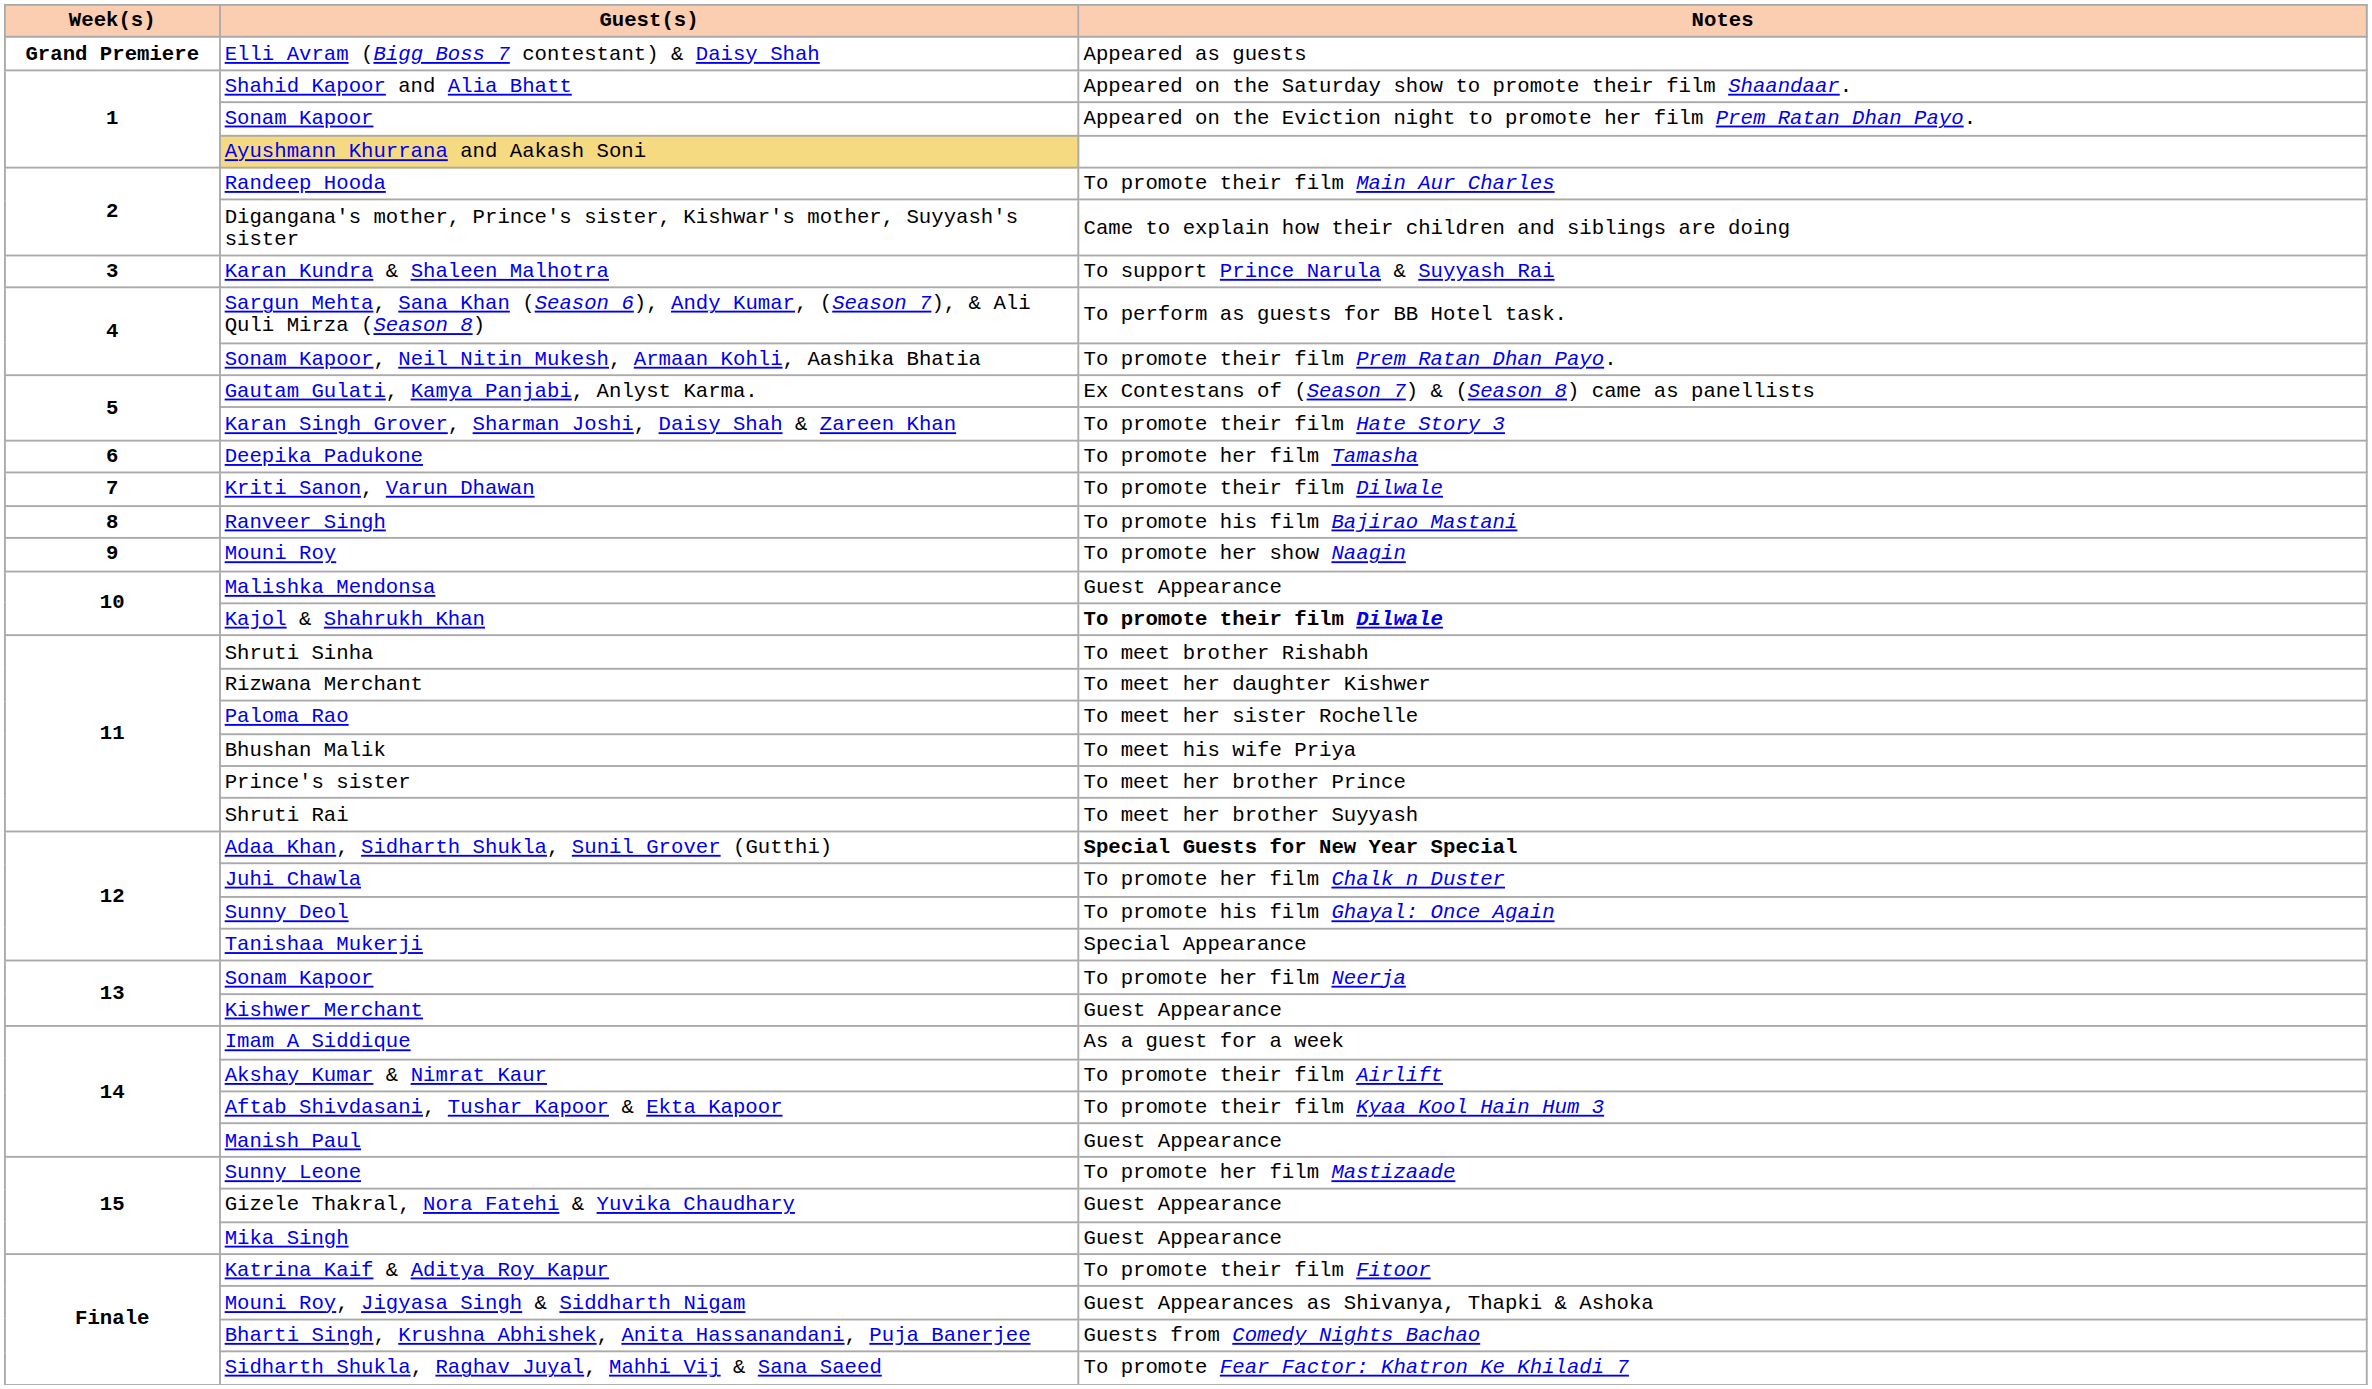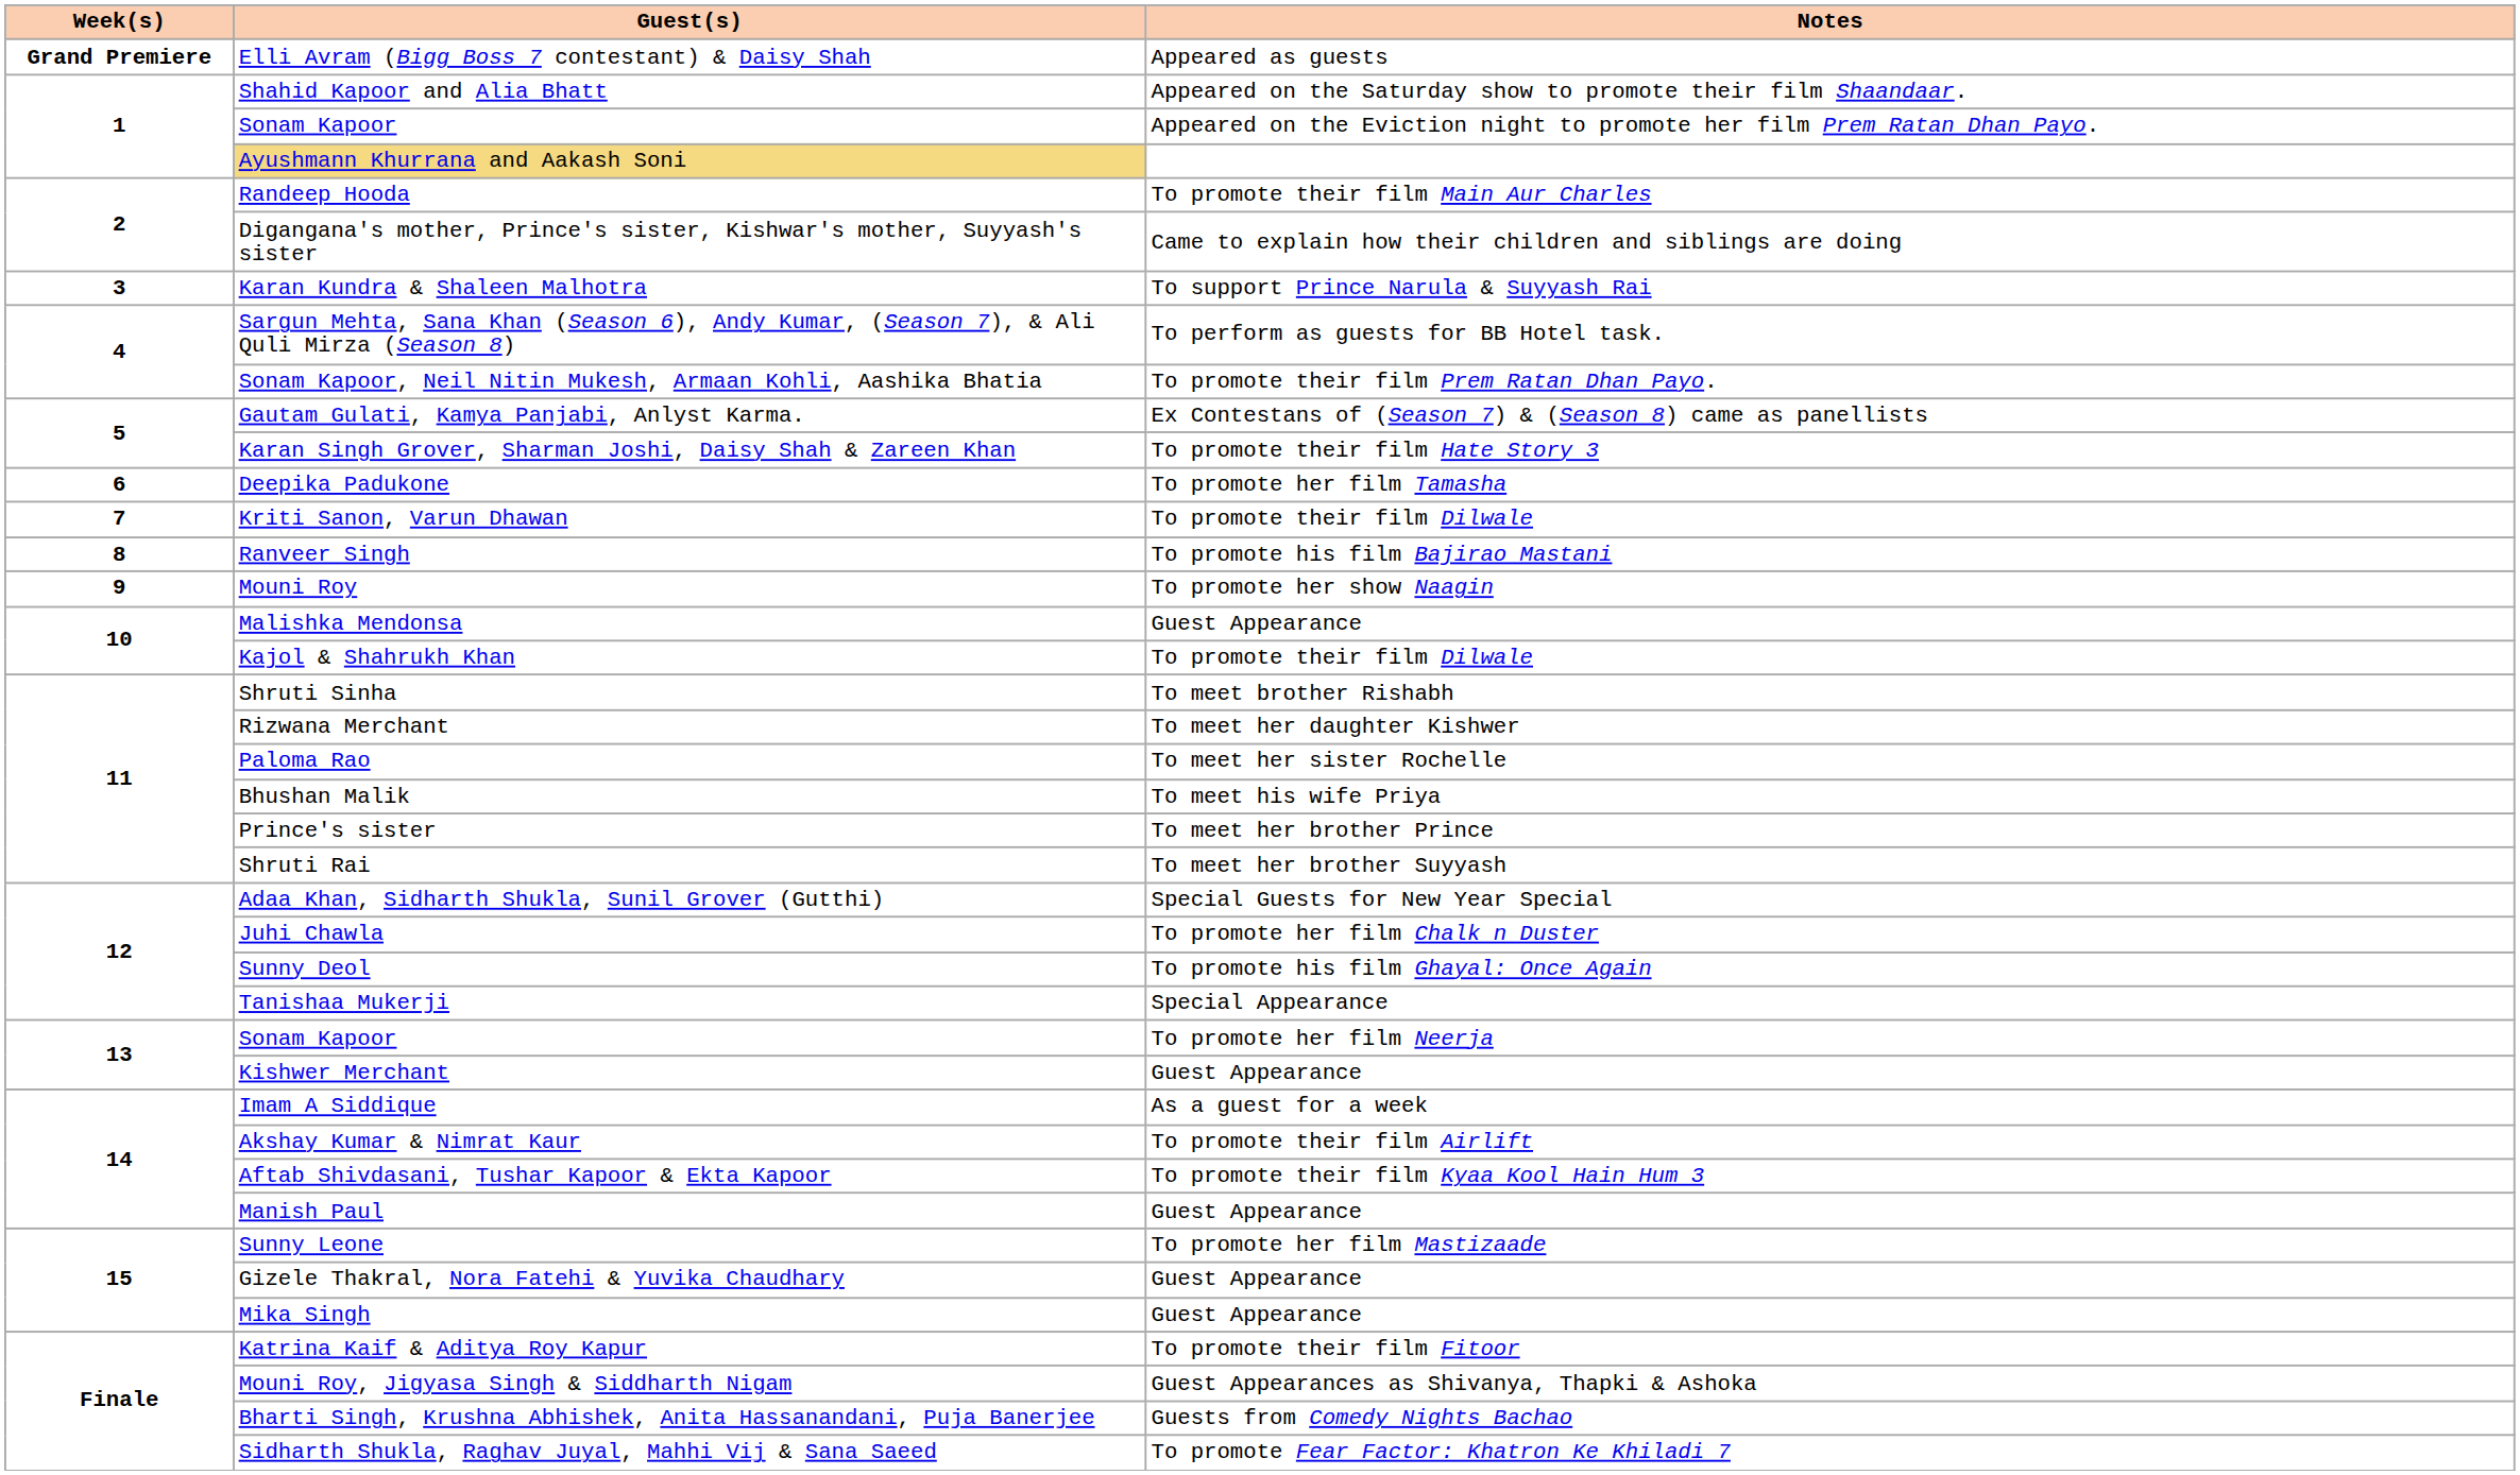 <table class="wikitable" style="margin: 1em 1em 1em 0;font-size:85%; background: white; width:100%;">
 <tr>
 <th style="background:#FBCEB1; color:#000; width:5%;">Week(s)</th>
 <th style="background:#FBCEB1; color:#000; width:20%;">Guest(s)</th>
 <th style="background:#FBCEB1; color:#000; width:30%;">Notes</th>
 </tr>
 <tr>
 <td align=center><strong>Grand Premiere</strong></td>
 <td><a href='#'>Elli Avram</a> (<em><a href='#'>Bigg Boss 7</a></em> contestant) & <a href='#'>Daisy Shah</a></td>
 <td>Appeared as guests</td>
 </tr>
 <tr>
 <td style="text-align:center;" rowspan="3"><strong>1</strong></td>
 <td><a href='#'>Shahid Kapoor</a> and <a href='#'>Alia Bhatt</a></td>
 <td>Appeared on the Saturday show to promote their film <em><a href='#'>Shaandaar</a></em>.</td>
 </tr>
 <tr>
 <td><a href='#'>Sonam Kapoor</a></td>
 <td>Appeared on the Eviction night to promote her film <em><a href='#'>Prem Ratan Dhan Payo</a></em>.</td>
 </tr>
 <tr>
 <td style="background:#F5DA81;"><a href='#'>Ayushmann Khurrana</a> and Aakash Soni</td>
 <td></td>
 </tr>
 <tr>
 <td style="text-align:center;" rowspan="2"><strong>2</strong></td>
 <td><a href='#'>Randeep Hooda</a></td>
 <td>To promote their film <em><a href='#'>Main Aur Charles</a></em></td>
 </tr>
 <tr>
 <td>Digangana's mother, Prince's sister, Kishwar's mother, Suyyash's sister</td>
 <td>Came to explain how their children and siblings are doing</td>
 </tr>
 <tr>
 <td style="text-align:center;"><strong>3</strong></td>
 <td><a href='#'>Karan Kundra</a> & <a href='#'>Shaleen Malhotra</a></td>
 <td>To support <a href='#'>Prince Narula</a> & <a href='#'>Suyyash Rai</a></td>
 </tr>
 <tr>
 <td style="text-align:center;" rowspan="2"><strong>4</strong></td>
 <td><a href='#'>Sargun Mehta</a>, <a href='#'>Sana Khan</a> (<em><a href='#'>Season 6</a></em>), <a href='#'>Andy Kumar</a>, (<em><a href='#'>Season 7</a></em>), & Ali Quli Mirza (<em><a href='#'>Season 8</a></em>)</td>
 <td>To perform as guests for BB Hotel task.</td>
 </tr>
 <tr>
 <td><a href='#'>Sonam Kapoor</a>, <a href='#'>Neil Nitin Mukesh</a>, <a href='#'>Armaan Kohli</a>, Aashika Bhatia</td>
 <td>To promote their film <em><a href='#'>Prem Ratan Dhan Payo</a></em>.</td>
 </tr>
 <tr>
 <td style="text-align:center;" rowspan="2"><strong>5</strong></td>
 <td><a href='#'>Gautam Gulati</a>, <a href='#'>Kamya Panjabi</a>, Anlyst Karma.</td>
 <td>Ex Contestans of (<em><a href='#'>Season 7</a></em>) & (<em><a href='#'>Season 8</a></em>) came as panellists</td>
 </tr>
 <tr>
 <td><a href='#'>Karan Singh Grover</a>, <a href='#'>Sharman Joshi</a>, <a href='#'>Daisy Shah</a> & <a href='#'>Zareen Khan</a></td>
 <td>To promote their film <em><a href='#'>Hate Story 3</a></em></td>
 </tr>
 <tr>
 <td style="text-align:center;"><strong>6</strong></td>
 <td><a href='#'>Deepika Padukone</a></td>
 <td>To promote her film <em><a href='#'>Tamasha</a></em></td>
 </tr>
 <tr>
 <td style="text-align:center;"><strong>7</strong></td>
 <td><a href='#'>Kriti Sanon</a>, <a href='#'>Varun Dhawan</a></td>
 <td>To promote their film <em><a href='#'>Dilwale</a></em></td>
 </tr>
 <tr>
 <td style="text-align:center;"><strong>8</strong></td>
 <td><a href='#'>Ranveer Singh</a></td>
 <td>To promote his film <em><a href='#'>Bajirao Mastani</a></em></td>
 </tr>
 <tr>
 <td style="text-align:center;"><strong>9</strong></td>
 <td><a href='#'>Mouni Roy</a></td>
 <td>To promote her show <em><a href='#'>Naagin</a></em></td>
 </tr>
 <tr>
 <td style="text-align:center;" rowspan="2"><strong>10</strong></td>
 <td><a href='#'>Malishka Mendonsa</a></td>
 <td>Guest Appearance</td>
 </tr>
 <tr>
 <td><a href='#'>Kajol</a> & <a href='#'>Shahrukh Khan</a></td>
-<td><strong>To promote their film <em><a href='#'>Dilwale</a></em></strong></td>
+<td>To promote their film <em><a href='#'>Dilwale</a></em></td>
 </tr>
 <tr>
 <td style="text-align:center;" rowspan="6"><strong>11</strong></td>
 <td>Shruti Sinha</td>
 <td>To meet brother Rishabh</td>
 </tr>
 <tr>
 <td>Rizwana Merchant</td>
 <td>To meet her daughter Kishwer</td>
 </tr>
 <tr>
 <td><a href='#'>Paloma Rao</a></td>
 <td>To meet her sister Rochelle</td>
 </tr>
 <tr>
 <td>Bhushan Malik</td>
 <td>To meet his wife Priya</td>
 </tr>
 <tr>
 <td>Prince's sister</td>
 <td>To meet her brother Prince</td>
 </tr>
 <tr>
 <td>Shruti Rai</td>
 <td>To meet her brother Suyyash</td>
 </tr>
 <tr>
 <td style="text-align:center;" rowspan="4"><strong>12</strong></td>
 <td><a href='#'>Adaa Khan</a>, <a href='#'>Sidharth Shukla</a>, <a href='#'>Sunil Grover</a> (Gutthi)</td>
-<td><strong>Special Guests for New Year Special</strong></td>
+<td>Special Guests for New Year Special</td>
 </tr>
 <tr>
 <td><a href='#'>Juhi Chawla</a></td>
 <td>To promote her film <em><a href='#'>Chalk n Duster</a></em></td>
 </tr>
 <tr>
 <td><a href='#'>Sunny Deol</a></td>
 <td>To promote his film <em><a href='#'>Ghayal: Once Again</a></em></td>
 </tr>
 <tr>
 <td><a href='#'>Tanishaa Mukerji</a></td>
 <td>Special Appearance</td>
 </tr>
 <tr>
 <td style="text-align:center;" rowspan="2"><strong>13</strong></td>
 <td><a href='#'>Sonam Kapoor</a></td>
 <td>To promote her film <em><a href='#'>Neerja</a></em></td>
 </tr>
 <tr>
 <td><a href='#'>Kishwer Merchant</a></td>
 <td>Guest Appearance</td>
 </tr>
 <tr>
 <td rowspan="4" style="text-align:center;"><strong>14</strong></td>
 <td><a href='#'>Imam A Siddique</a></td>
 <td>As a guest for a week</td>
 </tr>
 <tr>
 <td><a href='#'>Akshay Kumar</a> & <a href='#'>Nimrat Kaur</a></td>
 <td>To promote their film <em><a href='#'>Airlift</a></em></td>
 </tr>
 <tr>
 <td><a href='#'>Aftab Shivdasani</a>, <a href='#'>Tushar Kapoor</a> & <a href='#'>Ekta Kapoor</a></td>
 <td>To promote their film <em><a href='#'>Kyaa Kool Hain Hum 3</a></em></td>
 </tr>
 <tr>
 <td><a href='#'>Manish Paul</a></td>
 <td>Guest Appearance</td>
 </tr>
 <tr>
 <td style="text-align:center;" rowspan="3"><strong>15</strong></td>
 <td><a href='#'>Sunny Leone</a></td>
 <td>To promote her film <em><a href='#'>Mastizaade</a></em></td>
 </tr>
 <tr>
 <td>Gizele Thakral, <a href='#'>Nora Fatehi</a> & <a href='#'>Yuvika Chaudhary</a></td>
 <td>Guest Appearance</td>
 </tr>
 <tr>
 <td><a href='#'>Mika Singh</a></td>
 <td>Guest Appearance</td>
 </tr>
 <tr>
 <td style="text-align:center;" rowspan="4"><strong>Finale</strong></td>
 <td><a href='#'>Katrina Kaif</a> & <a href='#'>Aditya Roy Kapur</a></td>
 <td>To promote their film <em><a href='#'>Fitoor</a></em></td>
 </tr>
 <tr>
 <td><a href='#'>Mouni Roy</a>, <a href='#'>Jigyasa Singh</a> & <a href='#'>Siddharth Nigam</a></td>
 <td>Guest Appearances as Shivanya, Thapki & Ashoka</td>
 </tr>
 <tr>
 <td><a href='#'>Bharti Singh</a>, <a href='#'>Krushna Abhishek</a>, <a href='#'>Anita Hassanandani</a>, <a href='#'>Puja Banerjee</a></td>
 <td>Guests from <em><a href='#'>Comedy Nights Bachao</a></em></td>
 </tr>
 <tr>
 <td><a href='#'>Sidharth Shukla</a>, <a href='#'>Raghav Juyal</a>, <a href='#'>Mahhi Vij</a> & <a href='#'>Sana Saeed</a></td>
 <td>To promote <em><a href='#'>Fear Factor: Khatron Ke Khiladi 7</a></em></td>
 </tr>
 </table>
